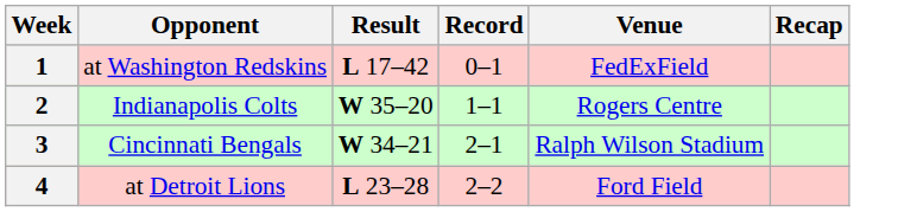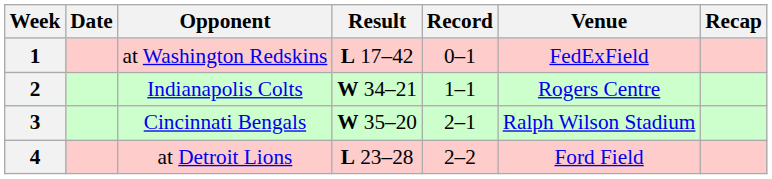 <table class="wikitable" style="text-align:center">
 <tr>
 <th>Week</th>
+<th>Date</th>
 <th>Opponent</th>
 <th>Result</th>
 <th>Record</th>
 <th>Venue</th>
 <th>Recap</th>
 </tr>
 <tr style="background:#fcc">
 <th>1</th>
+<td></td>
 <td>at <a href='#'>Washington Redskins</a></td>
 <td><strong>L</strong> 17–42</td>
 <td>0–1</td>
 <td><a href='#'>FedExField</a></td>
 <td></td>
 </tr>
 <tr style="background:#cfc">
 <th>2</th>
+<td></td>
 <td><a href='#'>Indianapolis Colts</a></td>
-<td><strong>W</strong> 35–20</td>
+<td><strong>W</strong> 34–21</td>
 <td>1–1</td>
 <td> <a href='#'>Rogers Centre</a> </td>
 <td></td>
 </tr>
 <tr style="background:#cfc">
 <th>3</th>
+<td></td>
 <td><a href='#'>Cincinnati Bengals</a></td>
-<td><strong>W</strong> 34–21</td>
+<td><strong>W</strong> 35–20</td>
 <td>2–1</td>
 <td><a href='#'>Ralph Wilson Stadium</a></td>
 <td></td>
 </tr>
 <tr style="background:#fcc">
 <th>4</th>
+<td></td>
 <td>at <a href='#'>Detroit Lions</a></td>
 <td><strong>L</strong> 23–28</td>
 <td>2–2</td>
 <td><a href='#'>Ford Field</a></td>
 <td></td>
 </tr>
 </table>
